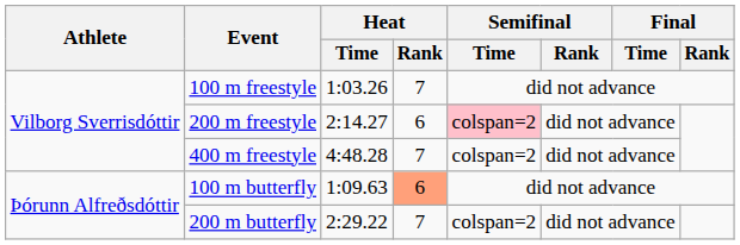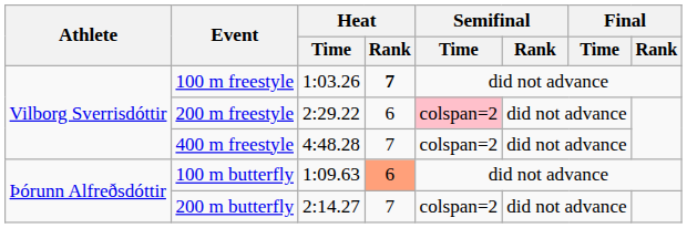 <table class=wikitable style="font-size:90%">
 <tr>
 <th rowspan="2">Athlete</th>
 <th rowspan="2">Event</th>
 <th colspan="2">Heat</th>
 <th colspan="2">Semifinal</th>
 <th colspan="2">Final</th>
 </tr>
 <tr style="font-size:95%">
 <th>Time</th>
 <th>Rank</th>
 <th>Time</th>
 <th>Rank</th>
 <th>Time</th>
 <th>Rank</th>
 </tr>
 <tr align=center>
 <td align=left rowspan=3><a href='#'>Vilborg Sverrisdóttir</a></td>
 <td align=left><a href='#'>100 m freestyle</a></td>
 <td>1:03.26</td>
-<td>7</td>
+<td><strong>7</strong></td>
 <td colspan=4>did not advance</td>
 </tr>
 <tr align=center>
 <td align=left><a href='#'>200 m freestyle</a></td>
-<td>2:14.27</td>
+<td>2:29.22</td>
 <td>6</td>
 <td style="background: pink;">colspan=2 </td>
 <td colspan=2>did not advance</td>
 </tr>
 <tr align=center>
 <td align=left><a href='#'>400 m freestyle</a></td>
 <td>4:48.28</td>
 <td>7</td>
 <td>colspan=2 </td>
 <td colspan=2>did not advance</td>
 </tr>
 <tr align=center>
 <td align=left rowspan=2><a href='#'>Þórunn Alfreðsdóttir</a></td>
 <td align=left><a href='#'>100 m butterfly</a></td>
 <td>1:09.63</td>
 <td style="background: lightsalmon;">6</td>
 <td colspan=4>did not advance</td>
 </tr>
 <tr align=center>
 <td align=left><a href='#'>200 m butterfly</a></td>
-<td>2:29.22</td>
+<td>2:14.27</td>
 <td>7</td>
 <td>colspan=2 </td>
 <td colspan=2>did not advance</td>
 </tr>
 </table>
